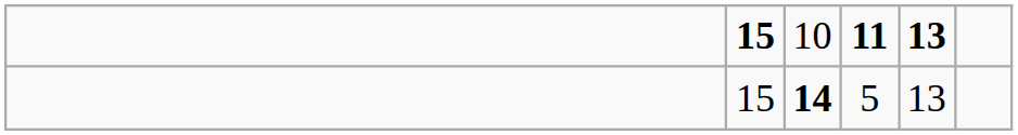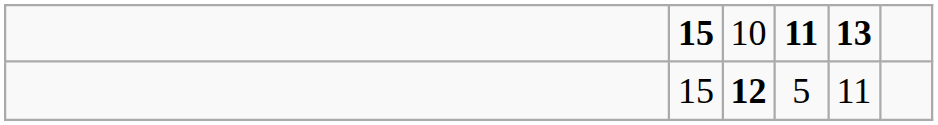 <table class="wikitable">
 <tr>
 <td style="width:18em"></td>
 <td align=center style="width:1em"><strong>15</strong></td>
 <td align=center style="width:1em">10</td>
 <td align=center style="width:1em"><strong>11</strong></td>
 <td align=center style="width:1em"><strong>13</strong></td>
 <td align=center style="width:1em"></td>
 </tr>
 <tr>
 <td style="width:18em"></td>
 <td align=center style="width:1em">15</td>
-<td align=center style="width:1em"><strong>14</strong></td>
+<td align=center style="width:1em"><strong>12</strong></td>
 <td align=center style="width:1em">5</td>
-<td align=center style="width:1em">13</td>
+<td align=center style="width:1em">11</td>
 <td align=center style="width:1em"></td>
 </tr>
 </table>
